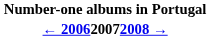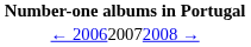 <table class="toc" id="toc" summary="Contents">
 <tr>
 <th>Number-one albums in Portugal</th>
 </tr>
 <tr>
-<td align="center"><strong><a href='#'>← 2006</a>2007<a href='#'>2008 →</a></strong></td>
+<td align="center"><a href='#'>← 2006</a>2007<a href='#'>2008 →</a></td>
 </tr>
 </table>
